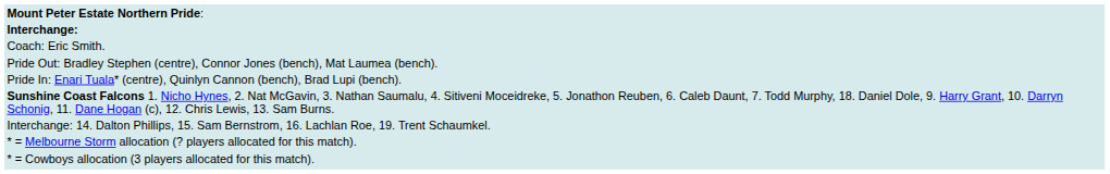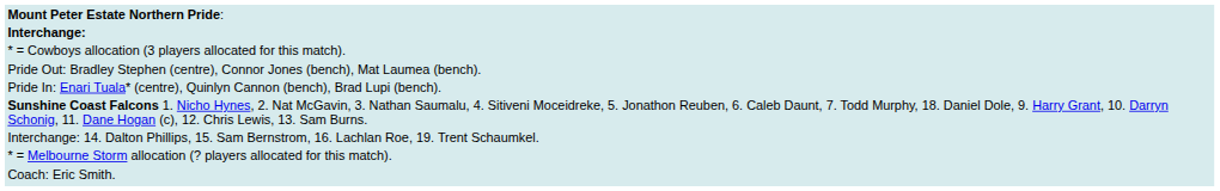 <table style="background:#d7ebed; font-size:85%; width:100%;">
 <tr>
 <td><strong>Mount Peter Estate Northern Pride</strong>:             </td>
 </tr>
 <tr>
 <td><strong>Interchange:    </strong></td>
 </tr>
 <tr>
-<td>Coach: Eric Smith.</td>
+<td>* = Cowboys allocation (3 players allocated for this match).</td>
 </tr>
 <tr>
 <td>Pride Out: Bradley Stephen (centre), Connor Jones (bench), Mat Laumea (bench).</td>
 </tr>
 <tr>
 <td>Pride In: <a href='#'>Enari Tuala</a>* (centre), Quinlyn Cannon (bench), Brad Lupi (bench).</td>
 </tr>
 <tr>
 <td><strong>Sunshine Coast Falcons</strong> 1. <a href='#'>Nicho Hynes</a>, 2. Nat McGavin, 3. Nathan Saumalu, 4. Sitiveni Moceidreke, 5. Jonathon Reuben, 6. Caleb Daunt, 7. Todd Murphy, 18. Daniel Dole, 9. <a href='#'>Harry Grant</a>, 10. <a href='#'>Darryn Schonig</a>, 11. <a href='#'>Dane Hogan</a> (c), 12. Chris Lewis, 13. Sam Burns.</td>
 </tr>
 <tr>
 <td>Interchange: 14. Dalton Phillips, 15. Sam Bernstrom, 16. Lachlan Roe, 19. Trent Schaumkel.</td>
 </tr>
 <tr>
 <td>* = <a href='#'>Melbourne Storm</a> allocation (? players allocated for this match).</td>
 </tr>
 <tr>
-<td>* = Cowboys allocation (3 players allocated for this match).</td>
+<td>Coach: Eric Smith.</td>
 </tr>
 <tr>
 </tr>
 </table>
